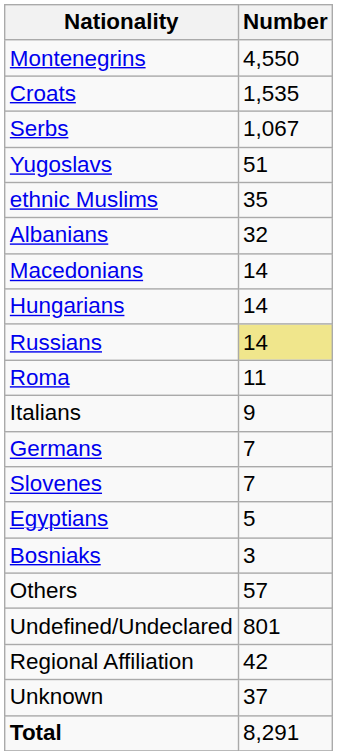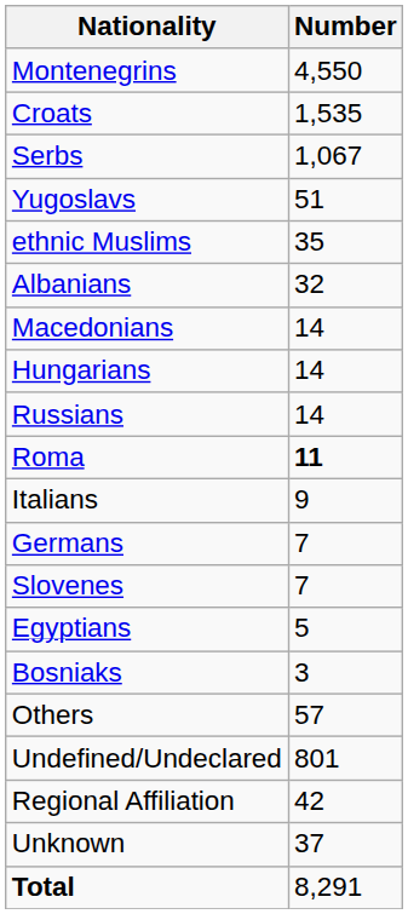 <table class=wikitable>
 <tr>
 <th>Nationality</th>
 <th>Number</th>
 </tr>
 <tr>
 <td><a href='#'>Montenegrins</a></td>
 <td>4,550</td>
 </tr>
 <tr>
 <td><a href='#'>Croats</a></td>
 <td>1,535</td>
 </tr>
 <tr>
 <td><a href='#'>Serbs</a></td>
 <td>1,067</td>
 </tr>
 <tr>
 <td><a href='#'>Yugoslavs</a></td>
 <td>51</td>
 </tr>
 <tr>
 <td><a href='#'>ethnic Muslims</a></td>
 <td>35</td>
 </tr>
 <tr>
 <td><a href='#'>Albanians</a></td>
 <td>32</td>
 </tr>
 <tr>
 <td><a href='#'>Macedonians</a></td>
 <td>14</td>
 </tr>
 <tr>
 <td><a href='#'>Hungarians</a></td>
 <td>14</td>
 </tr>
 <tr>
 <td><a href='#'>Russians</a></td>
-<td style="background: khaki;">14</td>
+<td>14</td>
 </tr>
 <tr>
 <td><a href='#'>Roma</a></td>
-<td>11</td>
+<td><strong>11</strong></td>
 </tr>
 <tr>
 <td>Italians</td>
 <td>9</td>
 </tr>
 <tr>
 <td><a href='#'>Germans</a></td>
 <td>7</td>
 </tr>
 <tr>
 <td><a href='#'>Slovenes</a></td>
 <td>7</td>
 </tr>
 <tr>
 <td><a href='#'>Egyptians</a></td>
 <td>5</td>
 </tr>
 <tr>
 <td><a href='#'>Bosniaks</a></td>
 <td>3</td>
 </tr>
 <tr>
 <td>Others</td>
 <td>57</td>
 </tr>
 <tr>
 <td>Undefined/Undeclared</td>
 <td>801</td>
 </tr>
 <tr>
 <td>Regional Affiliation</td>
 <td>42</td>
 </tr>
 <tr>
 <td>Unknown</td>
 <td>37</td>
 </tr>
 <tr>
 <td><strong>Total</strong></td>
 <td>8,291</td>
 </tr>
 </table>
